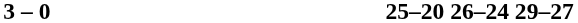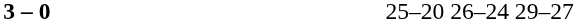 <table width=100% cellspacing=1>
 <tr>
 <th width=20%></th>
 <th width=12%></th>
 <th width=20%></th>
 <th width=33%></th>
 <td></td>
 </tr>
 <tr style=font-size:95%>
 <td align=right><strong></strong></td>
 <td align=center><strong>3 – 0</strong></td>
 <td></td>
-<td><strong>25–20 26–24 29–27</strong></td>
+<td>25–20 26–24 29–27</td>
 </tr>
 </table>
